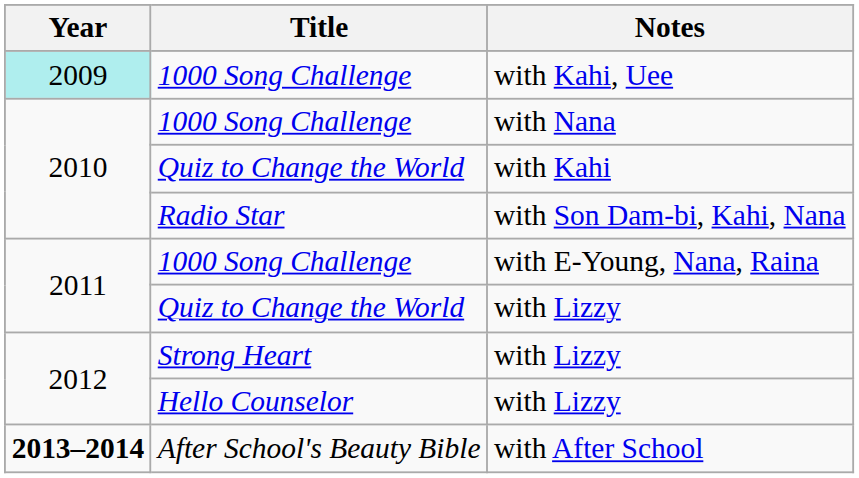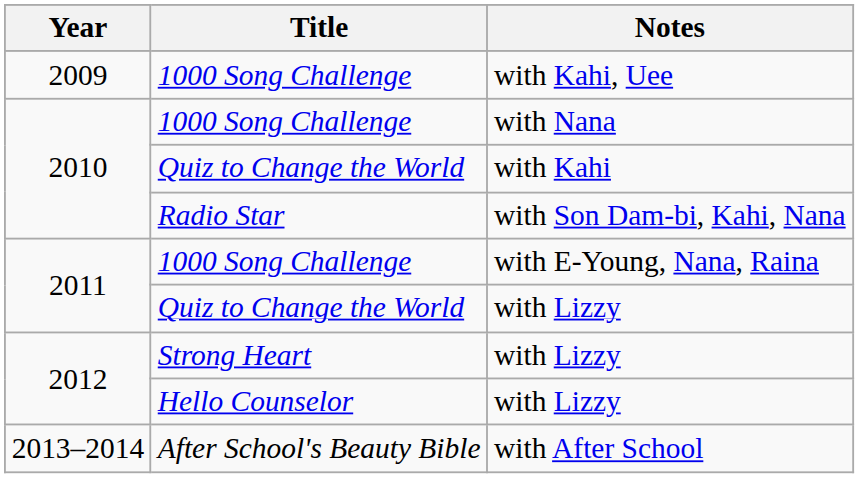 <table class="wikitable">
 <tr>
 <th>Year</th>
 <th>Title</th>
 <th>Notes</th>
 </tr>
 <tr>
-<td style="background: paleturquoise; text-align:center;">2009</td>
+<td style="text-align:center;">2009</td>
 <td><em><a href='#'>1000 Song Challenge</a></em></td>
 <td>with <a href='#'>Kahi</a>, <a href='#'>Uee</a></td>
 </tr>
 <tr>
 <td rowspan="3" style="text-align:center;">2010</td>
 <td><em><a href='#'>1000 Song Challenge</a></em></td>
 <td>with <a href='#'>Nana</a></td>
 </tr>
 <tr>
 <td><em><a href='#'>Quiz to Change the World</a></em></td>
 <td>with <a href='#'>Kahi</a></td>
 </tr>
 <tr>
 <td><em><a href='#'>Radio Star</a></em></td>
 <td>with <a href='#'>Son Dam-bi</a>, <a href='#'>Kahi</a>, <a href='#'>Nana</a></td>
 </tr>
 <tr>
 <td rowspan="2" style="text-align:center;">2011</td>
 <td><em><a href='#'>1000 Song Challenge</a></em></td>
 <td>with E-Young, <a href='#'>Nana</a>, <a href='#'>Raina</a></td>
 </tr>
 <tr>
 <td><em><a href='#'>Quiz to Change the World</a></em></td>
 <td>with <a href='#'>Lizzy</a></td>
 </tr>
 <tr>
 <td rowspan="2" style="text-align:center;">2012</td>
 <td><em><a href='#'>Strong Heart</a></em></td>
 <td>with <a href='#'>Lizzy</a></td>
 </tr>
 <tr>
 <td><em><a href='#'>Hello Counselor</a></em></td>
 <td>with <a href='#'>Lizzy</a></td>
 </tr>
 <tr>
-<td style="text-align:center;"><strong>2013–2014</strong></td>
+<td style="text-align:center;">2013–2014</td>
 <td><em>After School's Beauty Bible</em></td>
 <td>with <a href='#'>After School</a></td>
 </tr>
 </table>
